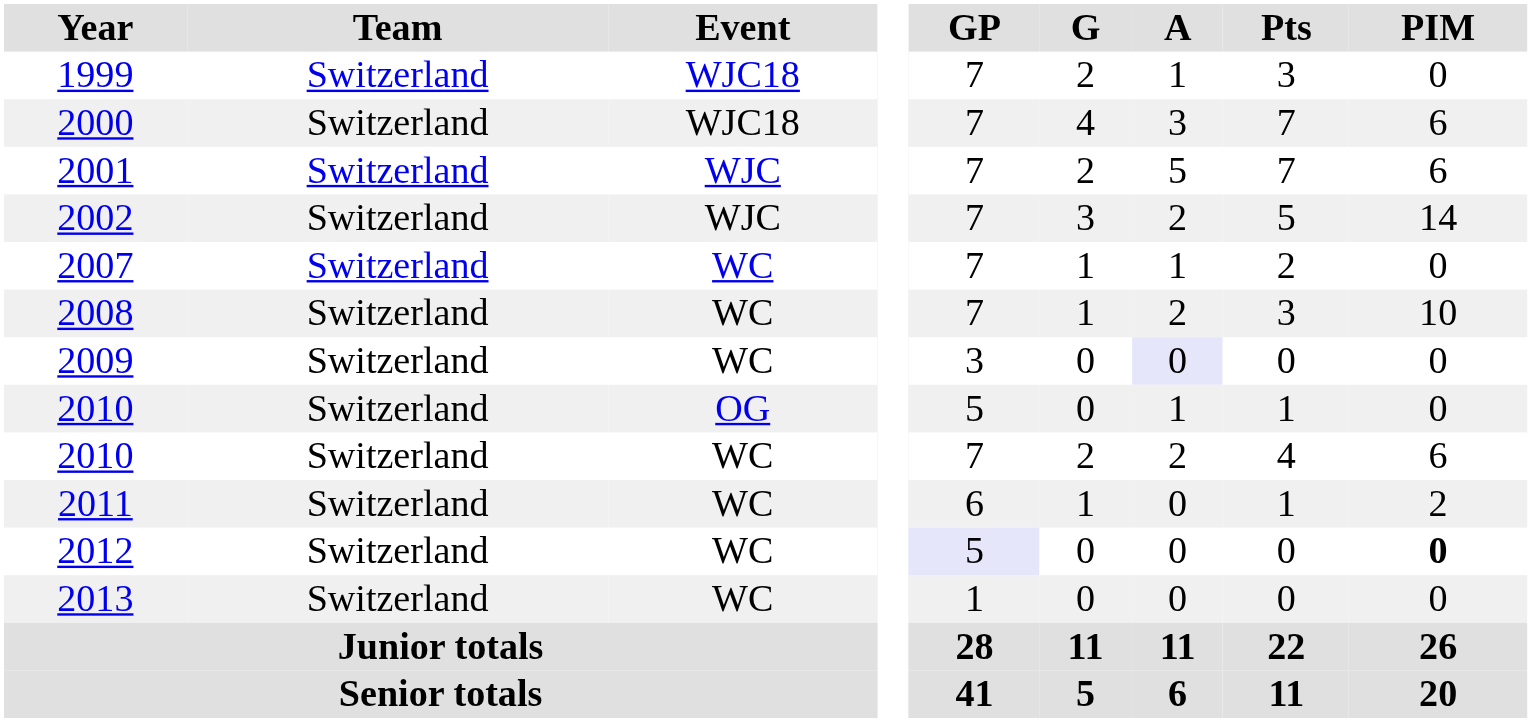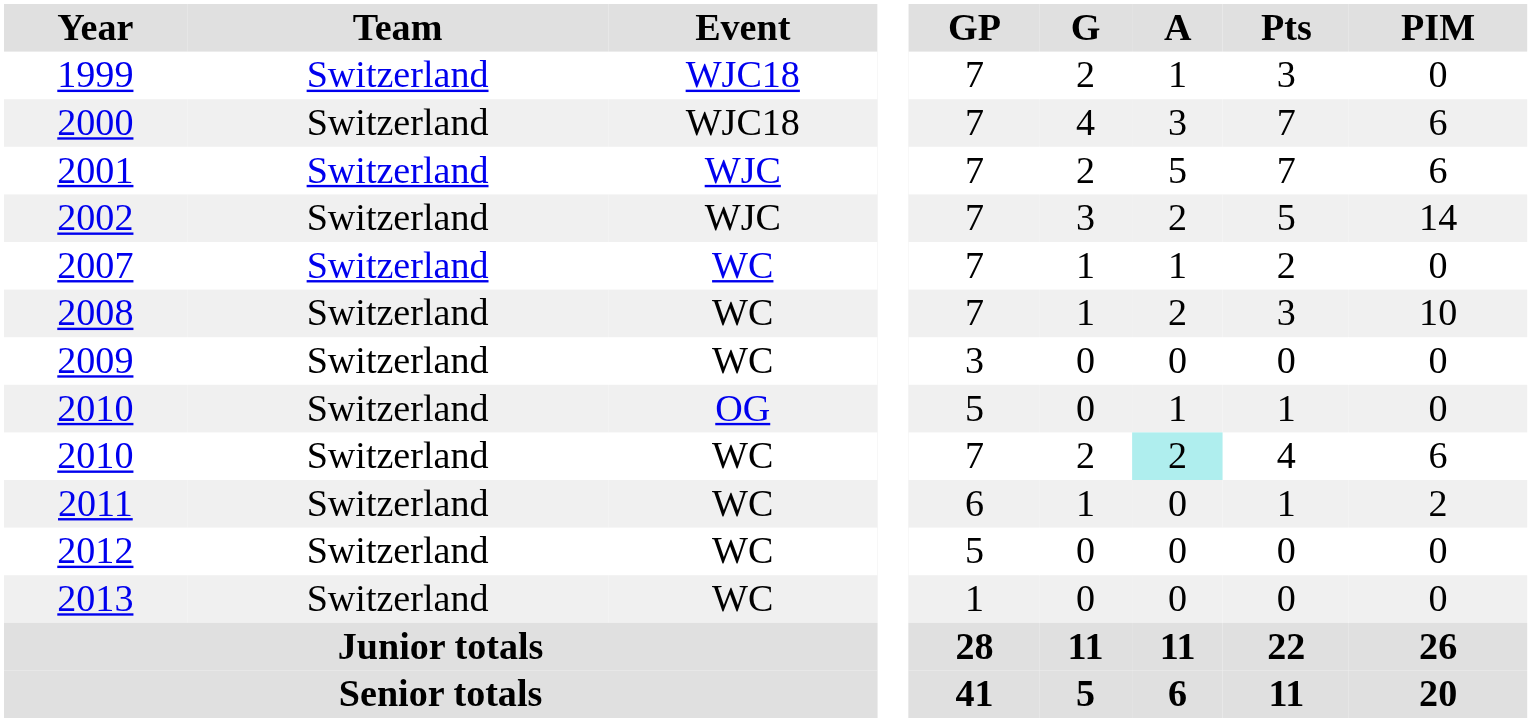 <table border="0" cellpadding="1" cellspacing="0" style="text-align:center; width:40em">
 <tr ALIGN="center" bgcolor="#e0e0e0">
 <th>Year</th>
 <th>Team</th>
 <th>Event</th>
 <th ALIGN="center" rowspan="99" bgcolor="#ffffff"> </th>
 <th>GP</th>
 <th>G</th>
 <th>A</th>
 <th>Pts</th>
 <th>PIM</th>
 </tr>
 <tr>
 <td><a href='#'>1999</a></td>
 <td><a href='#'>Switzerland</a></td>
 <td><a href='#'>WJC18</a></td>
 <td>7</td>
 <td>2</td>
 <td>1</td>
 <td>3</td>
 <td>0</td>
 </tr>
 <tr bgcolor="#f0f0f0">
 <td><a href='#'>2000</a></td>
 <td>Switzerland</td>
 <td>WJC18</td>
 <td>7</td>
 <td>4</td>
 <td>3</td>
 <td>7</td>
 <td>6</td>
 </tr>
 <tr>
 <td><a href='#'>2001</a></td>
 <td><a href='#'>Switzerland</a></td>
 <td><a href='#'>WJC</a></td>
 <td>7</td>
 <td>2</td>
 <td>5</td>
 <td>7</td>
 <td>6</td>
 </tr>
 <tr bgcolor="#f0f0f0">
 <td><a href='#'>2002</a></td>
 <td>Switzerland</td>
 <td>WJC</td>
 <td>7</td>
 <td>3</td>
 <td>2</td>
 <td>5</td>
 <td>14</td>
 </tr>
 <tr>
 <td><a href='#'>2007</a></td>
 <td><a href='#'>Switzerland</a></td>
 <td><a href='#'>WC</a></td>
 <td>7</td>
 <td>1</td>
 <td>1</td>
 <td>2</td>
 <td>0</td>
 </tr>
 <tr bgcolor="#f0f0f0">
 <td><a href='#'>2008</a></td>
 <td>Switzerland</td>
 <td>WC</td>
 <td>7</td>
 <td>1</td>
 <td>2</td>
 <td>3</td>
 <td>10</td>
 </tr>
 <tr>
 <td><a href='#'>2009</a></td>
 <td>Switzerland</td>
 <td>WC</td>
 <td>3</td>
 <td>0</td>
-<td style="background: lavender;">0</td>
+<td>0</td>
 <td>0</td>
 <td>0</td>
 </tr>
 <tr bgcolor="#f0f0f0">
 <td><a href='#'>2010</a></td>
 <td>Switzerland</td>
 <td><a href='#'>OG</a></td>
 <td>5</td>
 <td>0</td>
 <td>1</td>
 <td>1</td>
 <td>0</td>
 </tr>
 <tr>
 <td><a href='#'>2010</a></td>
 <td>Switzerland</td>
 <td>WC</td>
 <td>7</td>
 <td>2</td>
-<td>2</td>
+<td style="background: paleturquoise;">2</td>
 <td>4</td>
 <td>6</td>
 </tr>
 <tr bgcolor="#f0f0f0">
 <td><a href='#'>2011</a></td>
 <td>Switzerland</td>
 <td>WC</td>
 <td>6</td>
 <td>1</td>
 <td>0</td>
 <td>1</td>
 <td>2</td>
 </tr>
 <tr>
 <td><a href='#'>2012</a></td>
 <td>Switzerland</td>
 <td>WC</td>
-<td style="background: lavender;">5</td>
+<td>5</td>
 <td>0</td>
 <td>0</td>
 <td>0</td>
-<td><strong>0</strong></td>
+<td>0</td>
 </tr>
 <tr bgcolor="#f0f0f0">
 <td><a href='#'>2013</a></td>
 <td>Switzerland</td>
 <td>WC</td>
 <td>1</td>
 <td>0</td>
 <td>0</td>
 <td>0</td>
 <td>0</td>
 </tr>
 <tr bgcolor="#e0e0e0">
 <th colspan="3">Junior totals</th>
 <th>28</th>
 <th>11</th>
 <th>11</th>
 <th>22</th>
 <th>26</th>
 </tr>
 <tr bgcolor="#e0e0e0">
 <th colspan="3">Senior totals</th>
 <th>41</th>
 <th>5</th>
 <th>6</th>
 <th>11</th>
 <th>20</th>
 </tr>
 </table>
